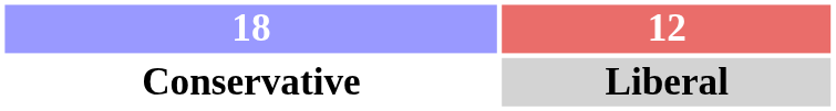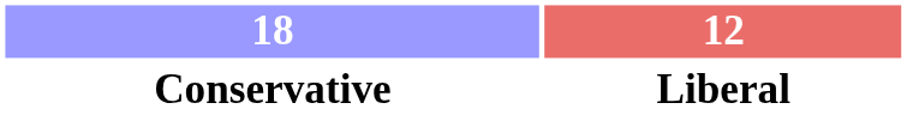 <table style="width:55%; text-align:center;">
 <tr style="color:white;">
 <td style="background:#9999FF; width:60.00%;"><strong>18</strong></td>
 <td style="background:#EA6D6A; width:40.00%;"><strong>12</strong></td>
 </tr>
 <tr>
 <td><span><strong>Conservative</strong></span></td>
-<td style="background: lightgrey;"><span><strong>Liberal</strong></span></td>
+<td><span><strong>Liberal</strong></span></td>
 </tr>
 </table>
